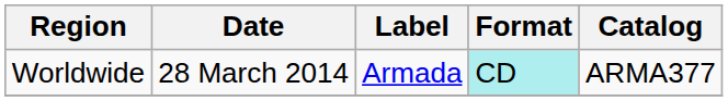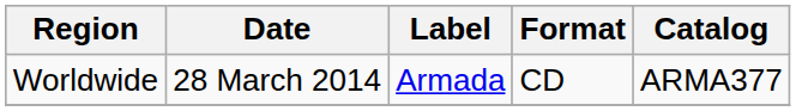 <table class=wikitable>
 <tr>
 <th>Region</th>
 <th>Date</th>
 <th>Label</th>
 <th>Format</th>
 <th>Catalog</th>
 </tr>
 <tr>
 <td>Worldwide</td>
 <td>28 March 2014</td>
 <td><a href='#'>Armada</a></td>
-<td style="background: paleturquoise;">CD</td>
+<td>CD</td>
 <td>ARMA377</td>
 </tr>
 <tr>
 </tr>
 </table>
